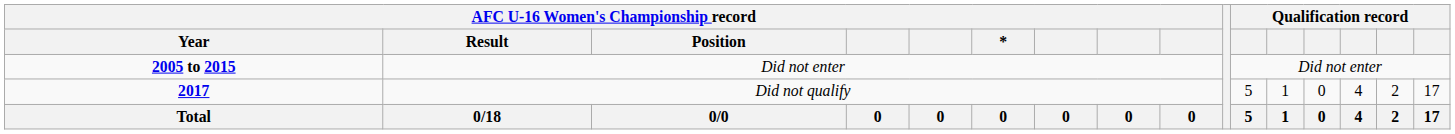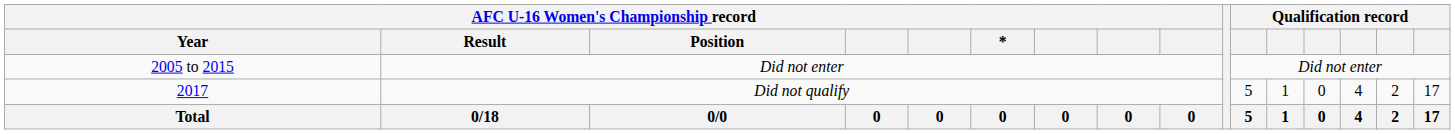 <table class="wikitable" style="text-align: center;font-size:100%">
 <tr>
 <th colspan=9><a href='#'>AFC U-16 Women's Championship </a> record</th>
 <th style="width:0.5%;" rowspan="21"></th>
 <th colspan=6>Qualification record</th>
 </tr>
 <tr>
 <th>Year</th>
 <th>Result</th>
 <th>Position</th>
 <th></th>
 <th></th>
 <th>*</th>
 <th></th>
 <th></th>
 <th></th>
 <th width=30></th>
 <th width=30></th>
 <th width=30></th>
 <th width=30></th>
 <th width=30></th>
 <th width=30></th>
 </tr>
 <tr>
-<td><strong> <a href='#'>2005</a> to  <a href='#'>2015</a></strong></td>
+<td> <a href='#'>2005</a> to  <a href='#'>2015</a></td>
 <td colspan=8><em>Did not enter</em></td>
 <td colspan=6><em>Did not enter</em></td>
 </tr>
 <tr>
-<td><strong> <a href='#'>2017</a></strong></td>
+<td> <a href='#'>2017</a></td>
 <td colspan=8><em>Did not qualify</em></td>
 <td>5</td>
 <td>1</td>
 <td>0</td>
 <td>4</td>
 <td>2</td>
 <td>17</td>
 </tr>
 <tr>
 <th>Total</th>
 <th>0/18</th>
 <th>0/0</th>
 <th>0</th>
 <th>0</th>
 <th>0</th>
 <th>0</th>
 <th>0</th>
 <th>0</th>
 <th>5</th>
 <th>1</th>
 <th>0</th>
 <th>4</th>
 <th>2</th>
 <th>17</th>
 </tr>
 </table>
